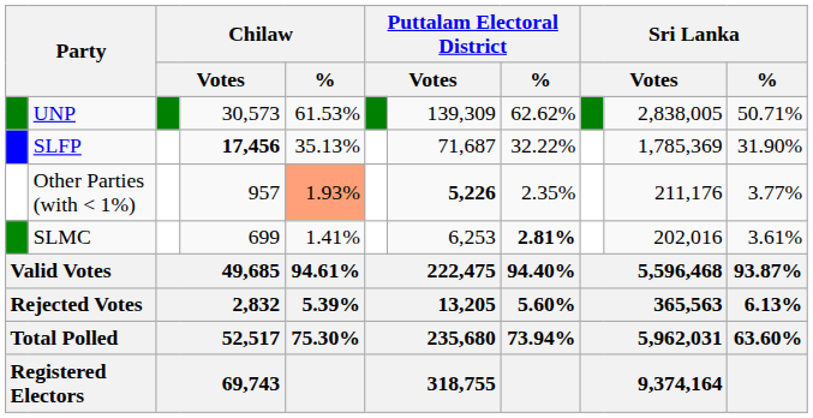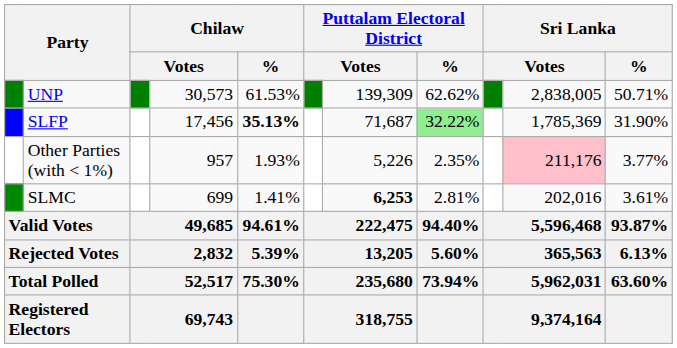 <table class="wikitable">
 <tr>
 <th colspan="2" width="144px"rowspan="2">Party</th>
 <th colspan="3" width="216px">Chilaw</th>
 <th colspan="3" width="216px"><a href='#'>Puttalam Electoral District</a></th>
 <th colspan="3" width="216px">Sri Lanka</th>
 </tr>
 <tr>
 <th colspan="2" width="144px">Votes</th>
 <th>%</th>
 <th colspan="2" width="144px">Votes</th>
 <th>%</th>
 <th colspan="2" width="144px">Votes</th>
 <th>%</th>
 </tr>
 <tr>
 <td style="background-color:green;" width="10px"></td>
 <td style="text-align:left;"><a href='#'>UNP</a></td>
 <td style="background-color:green;" width="10px"></td>
 <td style="text-align:right;">30,573</td>
 <td style="text-align:right;">61.53%</td>
 <td style="background-color:green;" width="10px"></td>
 <td style="text-align:right;">139,309</td>
 <td style="text-align:right;">62.62%</td>
 <td style="background-color:green;" width="10px"></td>
 <td style="text-align:right;">2,838,005</td>
 <td style="text-align:right;">50.71%</td>
 </tr>
 <tr>
 <td style="background-color:blue;" width="10px"></td>
 <td style="text-align:left;"><a href='#'>SLFP</a></td>
 <td style="background-color:white;" width="10px"></td>
-<td style="text-align:right;"><strong>17,456</strong></td>
-<td style="text-align:right;">35.13%</td>
+<td style="text-align:right;">17,456</td>
+<td style="text-align:right;"><strong>35.13%</strong></td>
 <td style="background-color:white;" width="10px"></td>
 <td style="text-align:right;">71,687</td>
-<td style="text-align:right;">32.22%</td>
+<td style="background: lightgreen; text-align:right;">32.22%</td>
 <td style="background-color:white;" width="10px"></td>
 <td style="text-align:right;">1,785,369</td>
 <td style="text-align:right;">31.90%</td>
 </tr>
 <tr>
 <td style="background-color:white;" width="10px"></td>
 <td style="text-align:left;">Other Parties (with < 1%)</td>
 <td style="background-color:white;" width="10px"></td>
 <td style="text-align:right;">957</td>
-<td style="background: lightsalmon; text-align:right;">1.93%</td>
+<td style="text-align:right;">1.93%</td>
 <td style="background-color:white;" width="10px"></td>
-<td style="text-align:right;"><strong>5,226</strong></td>
+<td style="text-align:right;">5,226</td>
 <td style="text-align:right;">2.35%</td>
 <td style="background-color:white;" width="10px"></td>
-<td style="text-align:right;">211,176</td>
+<td style="background: pink; text-align:right;">211,176</td>
 <td style="text-align:right;">3.77%</td>
 </tr>
 <tr>
 <td style="background-color:#008800;" width="10px"></td>
 <td style="text-align:left;">SLMC</td>
 <td style="background-color:white;" width="10px"></td>
 <td style="text-align:right;">699</td>
 <td style="text-align:right;">1.41%</td>
 <td style="background-color:white;" width="10px"></td>
-<td style="text-align:right;">6,253</td>
-<td style="text-align:right;"><strong>2.81%</strong></td>
+<td style="text-align:right;"><strong>6,253</strong></td>
+<td style="text-align:right;">2.81%</td>
 <td style="background-color:white;" width="10px"></td>
 <td style="text-align:right;">202,016</td>
 <td style="text-align:right;">3.61%</td>
 </tr>
 <tr>
 <th colspan="2" width="144px"style="text-align:left;">Valid Votes</th>
 <th style="text-align:right;"colspan="2" width="144px">49,685</th>
 <th style="text-align:right;">94.61%</th>
 <th style="text-align:right;"colspan="2" width="144px">222,475</th>
 <th style="text-align:right;">94.40%</th>
 <th style="text-align:right;"colspan="2" width="144px">5,596,468</th>
 <th style="text-align:right;">93.87%</th>
 </tr>
 <tr>
 <th colspan="2" width="144px"style="text-align:left;">Rejected Votes</th>
 <th style="text-align:right;"colspan="2" width="144px">2,832</th>
 <th style="text-align:right;">5.39%</th>
 <th style="text-align:right;"colspan="2" width="144px">13,205</th>
 <th style="text-align:right;">5.60%</th>
 <th style="text-align:right;"colspan="2" width="144px">365,563</th>
 <th style="text-align:right;">6.13%</th>
 </tr>
 <tr>
 <th colspan="2" width="144px"style="text-align:left;">Total Polled</th>
 <th style="text-align:right;"colspan="2" width="144px">52,517</th>
 <th style="text-align:right;">75.30%</th>
 <th style="text-align:right;"colspan="2" width="144px">235,680</th>
 <th style="text-align:right;">73.94%</th>
 <th style="text-align:right;"colspan="2" width="144px">5,962,031</th>
 <th style="text-align:right;">63.60%</th>
 </tr>
 <tr>
 <th colspan="2" width="144px"style="text-align:left;">Registered Electors</th>
 <th style="text-align:right;"colspan="2" width="144px">69,743</th>
 <th></th>
 <th style="text-align:right;"colspan="2" width="144px">318,755</th>
 <th></th>
 <th style="text-align:right;"colspan="2" width="144px">9,374,164</th>
 <th></th>
 </tr>
 </table>
